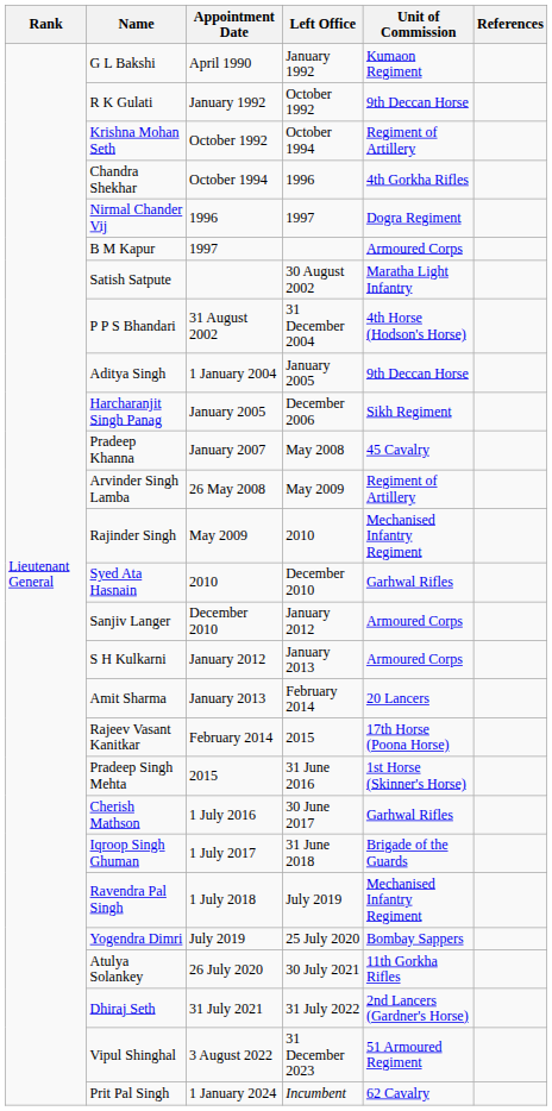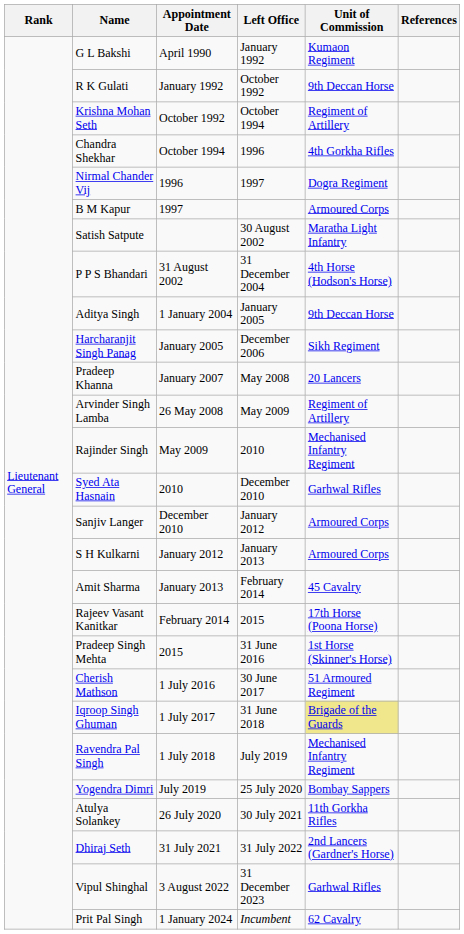 <table class="wikitable">
 <tr>
 <th>Rank</th>
 <th>Name</th>
 <th>Appointment Date</th>
 <th>Left Office</th>
 <th>Unit of Commission</th>
 <th>References</th>
 </tr>
 <tr>
 <td rowspan="35"><a href='#'>Lieutenant General</a></td>
 <td>G L Bakshi</td>
 <td>April 1990</td>
 <td>January 1992</td>
 <td><a href='#'>Kumaon Regiment</a></td>
 <td></td>
 </tr>
 <tr>
 <td>R K Gulati</td>
 <td>January 1992</td>
 <td>October 1992</td>
 <td><a href='#'>9th Deccan Horse</a></td>
 <td></td>
 </tr>
 <tr>
 <td><a href='#'>Krishna Mohan Seth</a></td>
 <td>October 1992</td>
 <td>October 1994</td>
 <td><a href='#'>Regiment of Artillery</a></td>
 <td></td>
 </tr>
 <tr>
 <td>Chandra Shekhar</td>
 <td>October 1994</td>
 <td>1996</td>
 <td><a href='#'>4th Gorkha Rifles</a></td>
 <td></td>
 </tr>
 <tr>
 <td><a href='#'>Nirmal Chander Vij</a></td>
 <td>1996</td>
 <td>1997</td>
 <td><a href='#'>Dogra Regiment</a></td>
 <td></td>
 </tr>
 <tr>
 <td>B M Kapur</td>
 <td>1997</td>
 <td></td>
 <td><a href='#'>Armoured Corps</a></td>
 <td></td>
 </tr>
 <tr>
 <td>Satish Satpute</td>
 <td></td>
 <td>30 August 2002</td>
 <td><a href='#'>Maratha Light Infantry</a></td>
 <td></td>
 </tr>
 <tr>
 <td>P P S Bhandari</td>
 <td>31 August 2002</td>
 <td>31 December 2004</td>
 <td><a href='#'>4th Horse (Hodson's Horse)</a></td>
 <td></td>
 </tr>
 <tr>
 <td>Aditya Singh</td>
 <td>1 January 2004</td>
 <td>January 2005</td>
 <td><a href='#'>9th Deccan Horse</a></td>
 <td></td>
 </tr>
 <tr>
 <td><a href='#'>Harcharanjit Singh Panag</a></td>
 <td>January 2005</td>
 <td>December 2006</td>
 <td><a href='#'>Sikh Regiment</a></td>
 <td></td>
 </tr>
 <tr>
 <td>Pradeep Khanna</td>
 <td>January 2007</td>
 <td>May 2008</td>
-<td><a href='#'>45 Cavalry</a></td>
+<td><a href='#'>20 Lancers</a></td>
 <td></td>
 </tr>
 <tr>
 <td>Arvinder Singh Lamba</td>
 <td>26 May 2008</td>
 <td>May 2009</td>
 <td><a href='#'>Regiment of Artillery</a></td>
 <td></td>
 </tr>
 <tr>
 <td>Rajinder Singh</td>
 <td>May 2009</td>
 <td>2010</td>
 <td><a href='#'>Mechanised Infantry Regiment</a></td>
 <td></td>
 </tr>
 <tr>
 <td><a href='#'>Syed Ata Hasnain</a></td>
 <td>2010</td>
 <td>December 2010</td>
 <td><a href='#'>Garhwal Rifles</a></td>
 <td></td>
 </tr>
 <tr>
 <td>Sanjiv Langer</td>
 <td>December 2010</td>
 <td>January 2012</td>
 <td><a href='#'>Armoured Corps</a></td>
 <td></td>
 </tr>
 <tr>
 <td>S H Kulkarni</td>
 <td>January 2012</td>
 <td>January 2013</td>
 <td><a href='#'>Armoured Corps</a></td>
 <td></td>
 </tr>
 <tr>
 <td>Amit Sharma</td>
 <td>January 2013</td>
 <td>February 2014</td>
-<td><a href='#'>20 Lancers</a></td>
+<td><a href='#'>45 Cavalry</a></td>
 <td></td>
 </tr>
 <tr>
 <td>Rajeev Vasant Kanitkar</td>
 <td>February 2014</td>
 <td>2015</td>
 <td><a href='#'>17th Horse (Poona Horse)</a></td>
 <td></td>
 </tr>
 <tr>
 <td>Pradeep Singh Mehta</td>
 <td>2015</td>
 <td>31 June 2016</td>
 <td><a href='#'>1st Horse (Skinner's Horse)</a></td>
 <td></td>
 </tr>
 <tr>
 <td><a href='#'>Cherish Mathson</a></td>
 <td>1 July 2016</td>
 <td>30 June 2017</td>
-<td><a href='#'>Garhwal Rifles</a></td>
+<td><a href='#'>51 Armoured Regiment</a></td>
 <td></td>
 </tr>
 <tr>
 <td><a href='#'>Iqroop Singh Ghuman</a></td>
 <td>1 July 2017</td>
 <td>31 June 2018</td>
-<td><a href='#'>Brigade of the Guards</a></td>
+<td style="background: khaki;"><a href='#'>Brigade of the Guards</a></td>
 <td></td>
 </tr>
 <tr>
 <td><a href='#'>Ravendra Pal Singh</a></td>
 <td>1 July 2018</td>
 <td>July 2019</td>
 <td><a href='#'>Mechanised Infantry Regiment</a></td>
 <td></td>
 </tr>
 <tr>
 <td><a href='#'>Yogendra Dimri</a></td>
 <td>July 2019</td>
 <td>25 July 2020</td>
 <td><a href='#'>Bombay Sappers</a></td>
 <td></td>
 </tr>
 <tr>
 <td>Atulya Solankey</td>
 <td>26 July 2020</td>
 <td>30 July 2021</td>
 <td><a href='#'>11th Gorkha Rifles</a></td>
 <td></td>
 </tr>
 <tr>
 <td><a href='#'>Dhiraj Seth</a></td>
 <td>31 July 2021</td>
 <td>31 July 2022</td>
 <td><a href='#'>2nd Lancers (Gardner's Horse)</a></td>
 <td></td>
 </tr>
 <tr>
 <td>Vipul Shinghal</td>
 <td>3 August 2022</td>
 <td>31 December 2023</td>
-<td><a href='#'>51 Armoured Regiment</a></td>
+<td><a href='#'>Garhwal Rifles</a></td>
 <td></td>
 </tr>
 <tr>
 <td>Prit Pal Singh</td>
 <td>1 January 2024</td>
 <td><em>Incumbent</em></td>
 <td><a href='#'>62 Cavalry</a></td>
 <td></td>
 </tr>
 </table>
